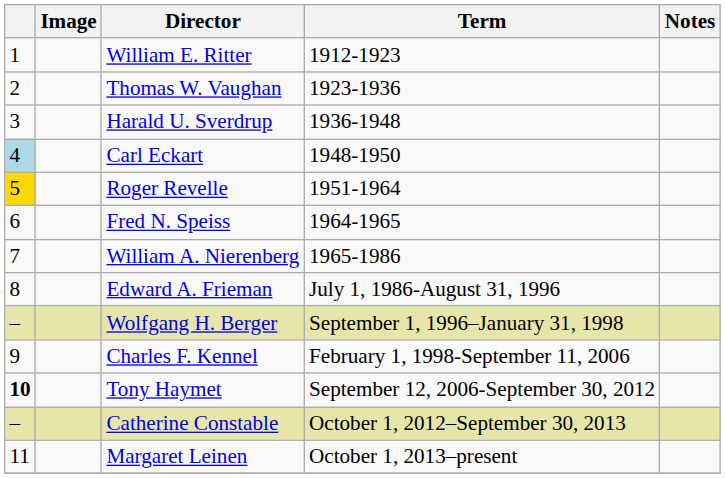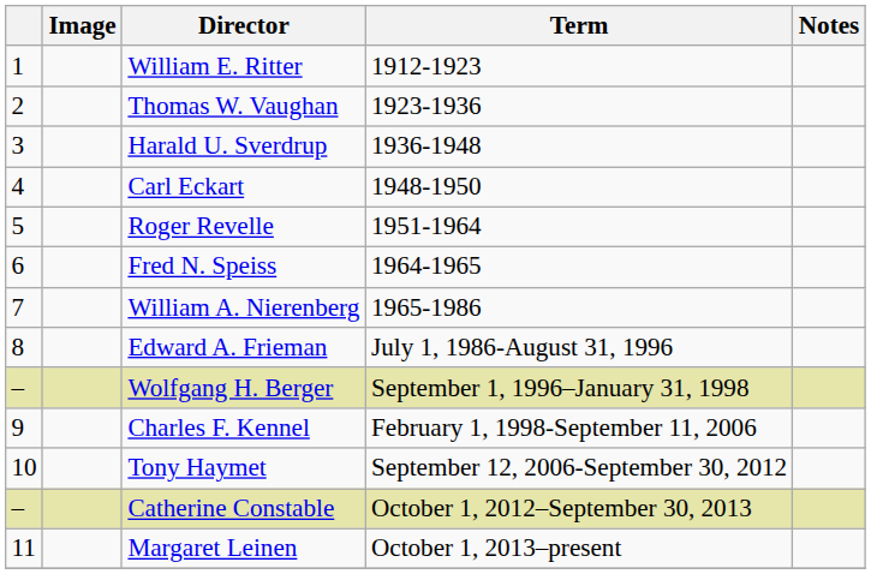 <table class="wikitable sortable mw-collapsible mw-collapsed">
 <tr>
 <th></th>
 <th>Image</th>
 <th>Director</th>
 <th>Term</th>
 <th>Notes</th>
 </tr>
 <tr>
 <td>1</td>
 <td></td>
 <td><a href='#'>William E. Ritter</a></td>
 <td>1912-1923</td>
 <td></td>
 </tr>
 <tr>
 <td>2</td>
 <td></td>
 <td><a href='#'>Thomas W. Vaughan</a></td>
 <td>1923-1936</td>
 <td></td>
 </tr>
 <tr>
 <td>3</td>
 <td></td>
 <td><a href='#'>Harald U. Sverdrup</a></td>
 <td>1936-1948</td>
 <td></td>
 </tr>
 <tr>
-<td style="background: lightblue;">4</td>
+<td>4</td>
 <td></td>
 <td><a href='#'>Carl Eckart</a></td>
 <td>1948-1950</td>
 <td></td>
 </tr>
 <tr>
-<td style="background: gold;">5</td>
+<td>5</td>
 <td></td>
 <td><a href='#'>Roger Revelle</a></td>
 <td>1951-1964</td>
 <td></td>
 </tr>
 <tr>
 <td>6</td>
 <td></td>
 <td><a href='#'>Fred N. Speiss</a></td>
 <td>1964-1965</td>
 <td></td>
 </tr>
 <tr>
 <td>7</td>
 <td></td>
 <td><a href='#'>William A. Nierenberg</a></td>
 <td>1965-1986</td>
 <td></td>
 </tr>
 <tr>
 <td>8</td>
 <td></td>
 <td><a href='#'>Edward A. Frieman</a></td>
 <td>July 1, 1986-August 31, 1996</td>
 <td></td>
 </tr>
 <tr bgcolor="#e6e6aa">
 <td>–</td>
 <td></td>
 <td><a href='#'>Wolfgang H. Berger</a></td>
 <td>September 1, 1996–January 31, 1998</td>
 <td></td>
 </tr>
 <tr>
 <td>9</td>
 <td></td>
 <td><a href='#'>Charles F. Kennel</a></td>
 <td>February 1, 1998-September 11, 2006</td>
 <td></td>
 </tr>
 <tr>
-<td><strong>10</strong></td>
+<td>10</td>
 <td></td>
 <td><a href='#'>Tony Haymet</a></td>
 <td>September 12, 2006-September 30, 2012</td>
 <td></td>
 </tr>
 <tr bgcolor="#e6e6aa">
 <td>–</td>
 <td></td>
 <td><a href='#'>Catherine Constable</a></td>
 <td>October 1, 2012–September 30, 2013</td>
 <td></td>
 </tr>
 <tr>
 <td>11</td>
 <td></td>
 <td><a href='#'>Margaret Leinen</a></td>
 <td>October 1, 2013–present</td>
 <td></td>
 </tr>
 <tr>
 </tr>
 </table>
